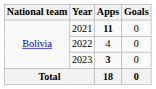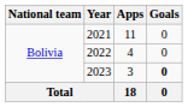 <table class=wikitable style=text-align:center>
 <tr>
 <th>National team</th>
 <th>Year</th>
 <th>Apps</th>
 <th>Goals</th>
 </tr>
 <tr>
 <td rowspan="3"><a href='#'>Bolivia</a></td>
 <td>2021</td>
-<td><strong>11</strong></td>
+<td>11</td>
 <td>0</td>
 </tr>
 <tr>
 <td>2022</td>
 <td>4</td>
 <td>0</td>
 </tr>
 <tr>
 <td>2023</td>
-<td><strong>3</strong></td>
-<td>0</td>
+<td>3</td>
+<td><strong>0</strong></td>
 </tr>
 <tr>
 <th colspan=2>Total</th>
 <th>18</th>
 <th>0</th>
 </tr>
 </table>
